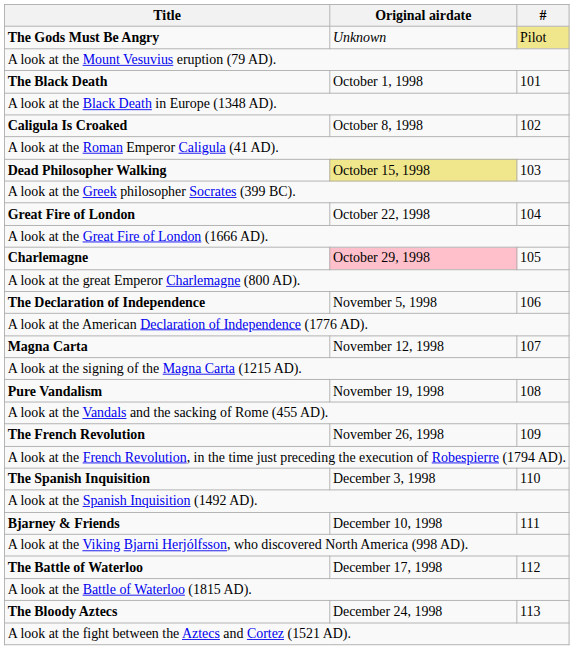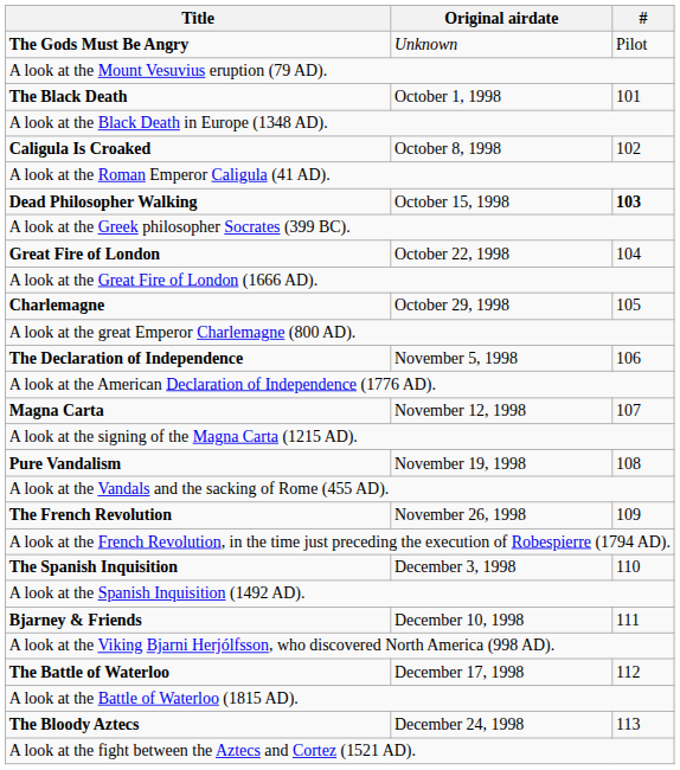 <table class="wikitable">
 <tr>
 <th>Title</th>
 <th>Original airdate</th>
 <th>#</th>
 </tr>
 <tr>
 <td><strong>The Gods Must Be Angry</strong></td>
 <td><em>Unknown</em></td>
-<td style="background: khaki;">Pilot</td>
+<td>Pilot</td>
 </tr>
 <tr>
 <td colspan="6">A look at the <a href='#'>Mount Vesuvius</a> eruption (79 AD).</td>
 </tr>
 <tr>
 <td><strong>The Black Death</strong></td>
 <td>October 1, 1998</td>
 <td>101</td>
 </tr>
 <tr>
 <td colspan="6">A look at the <a href='#'>Black Death</a> in Europe (1348 AD).</td>
 </tr>
 <tr>
 <td><strong>Caligula Is Croaked </strong></td>
 <td>October 8, 1998</td>
 <td>102</td>
 </tr>
 <tr>
 <td colspan="6">A look at the <a href='#'>Roman</a> Emperor <a href='#'>Caligula</a> (41 AD).</td>
 </tr>
 <tr>
 <td><strong>Dead Philosopher Walking</strong></td>
-<td style="background: khaki;">October 15, 1998</td>
-<td>103</td>
+<td>October 15, 1998</td>
+<td><strong>103</strong></td>
 </tr>
 <tr>
 <td colspan="6">A look at the <a href='#'>Greek</a> philosopher <a href='#'>Socrates</a> (399 BC).</td>
 </tr>
 <tr>
 <td><strong>Great Fire of London</strong></td>
 <td>October 22, 1998</td>
 <td>104</td>
 </tr>
 <tr>
 <td colspan="6">A look at the <a href='#'>Great Fire of London</a> (1666 AD).</td>
 </tr>
 <tr>
 <td><strong>Charlemagne</strong></td>
-<td style="background: pink;">October 29, 1998</td>
+<td>October 29, 1998</td>
 <td>105</td>
 </tr>
 <tr>
 <td colspan="6">A look at the great Emperor <a href='#'>Charlemagne</a> (800 AD).</td>
 </tr>
 <tr>
 <td><strong>The Declaration of Independence</strong></td>
 <td>November 5, 1998</td>
 <td>106</td>
 </tr>
 <tr>
 <td colspan="6">A look at the American <a href='#'>Declaration of Independence</a> (1776 AD).</td>
 </tr>
 <tr>
 <td><strong>Magna Carta</strong></td>
 <td>November 12, 1998</td>
 <td>107</td>
 </tr>
 <tr>
 <td colspan="6">A look at the signing of the <a href='#'>Magna Carta</a> (1215 AD).</td>
 </tr>
 <tr>
 <td><strong>Pure Vandalism</strong></td>
 <td>November 19, 1998</td>
 <td>108</td>
 </tr>
 <tr>
 <td colspan="6">A look at the <a href='#'>Vandals</a> and the sacking of Rome (455 AD).</td>
 </tr>
 <tr>
 <td><strong>The French Revolution</strong></td>
 <td>November 26, 1998</td>
 <td>109</td>
 </tr>
 <tr>
 <td colspan="6">A look at the <a href='#'>French Revolution</a>, in the time just preceding the execution of <a href='#'>Robespierre</a> (1794 AD).</td>
 </tr>
 <tr>
 <td><strong>The Spanish Inquisition</strong></td>
 <td>December 3, 1998</td>
 <td>110</td>
 </tr>
 <tr>
 <td colspan="6">A look at the <a href='#'>Spanish Inquisition</a> (1492 AD).</td>
 </tr>
 <tr>
 <td><strong>Bjarney & Friends</strong></td>
 <td>December 10, 1998</td>
 <td>111</td>
 </tr>
 <tr>
 <td colspan="6">A look at the <a href='#'>Viking</a> <a href='#'>Bjarni Herjólfsson</a>, who discovered North America (998 AD).</td>
 </tr>
 <tr>
 <td><strong>The Battle of Waterloo</strong></td>
 <td>December 17, 1998</td>
 <td>112</td>
 </tr>
 <tr>
 <td colspan="6">A look at the <a href='#'>Battle of Waterloo</a> (1815 AD).</td>
 </tr>
 <tr>
 <td><strong>The Bloody Aztecs</strong></td>
 <td>December 24, 1998</td>
 <td>113</td>
 </tr>
 <tr>
 <td colspan="6">A look at the fight between the <a href='#'>Aztecs</a> and <a href='#'>Cortez</a> (1521 AD).</td>
 </tr>
 </table>
